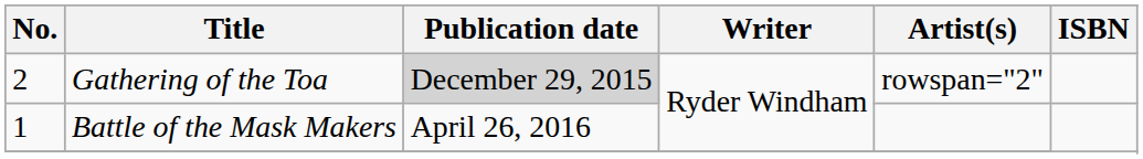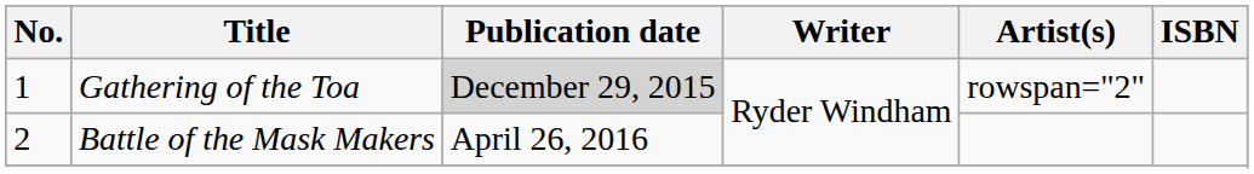 <table class="wikitable">
 <tr>
 <th>No.</th>
 <th>Title</th>
 <th>Publication date</th>
 <th>Writer</th>
 <th>Artist(s)</th>
 <th>ISBN</th>
 </tr>
 <tr>
-<td>2</td>
+<td>1</td>
 <td><em>Gathering of the Toa</em></td>
 <td style="background: lightgrey;">December 29, 2015</td>
 <td rowspan="2">Ryder Windham</td>
 <td>rowspan="2"</td>
 <td></td>
 </tr>
 <tr>
-<td>1</td>
+<td>2</td>
 <td><em>Battle of the Mask Makers</em></td>
 <td>April 26, 2016</td>
 <td></td>
 </tr>
 <tr>
 </tr>
 </table>
